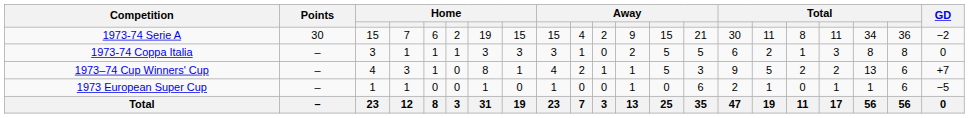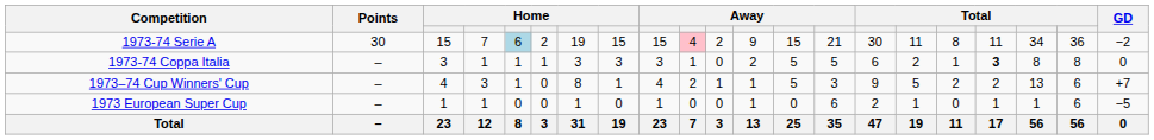 <table class="wikitable" style="font-size:90%;width:100%;margin:auto;clear:both;text-align:center;">
 <tr>
 <th rowspan="2">Competition</th>
 <th rowspan="2">Points</th>
 <th colspan="6">Home</th>
 <th colspan="6">Away</th>
 <th colspan="6">Total</th>
 <th rowspan="2"><a href='#'>GD</a></th>
 </tr>
 <tr>
 <th></th>
 <th></th>
 <th></th>
 <th></th>
 <th></th>
 <th></th>
 <th></th>
 <th></th>
 <th></th>
 <th></th>
 <th></th>
 <th></th>
 <th></th>
 <th></th>
 <th></th>
 <th></th>
 <th></th>
 <th></th>
 </tr>
 <tr>
 <td><a href='#'>1973-74 Serie A</a></td>
 <td>30</td>
 <td>15</td>
 <td>7</td>
-<td>6</td>
+<td style="background: lightblue;">6</td>
 <td>2</td>
 <td>19</td>
 <td>15</td>
 <td>15</td>
-<td>4</td>
+<td style="background: pink;">4</td>
 <td>2</td>
 <td>9</td>
 <td>15</td>
 <td>21</td>
 <td>30</td>
 <td>11</td>
 <td>8</td>
 <td>11</td>
 <td>34</td>
 <td>36</td>
 <td>−2</td>
 </tr>
 <tr>
 <td><a href='#'>1973-74 Coppa Italia</a></td>
 <td>–</td>
 <td>3</td>
 <td>1</td>
 <td>1</td>
 <td>1</td>
 <td>3</td>
 <td>3</td>
 <td>3</td>
 <td>1</td>
 <td>0</td>
 <td>2</td>
 <td>5</td>
 <td>5</td>
 <td>6</td>
 <td>2</td>
 <td>1</td>
-<td>3</td>
+<td><strong>3</strong></td>
 <td>8</td>
 <td>8</td>
 <td>0</td>
 </tr>
 <tr>
 <td><a href='#'>1973–74 Cup Winners' Cup</a></td>
 <td>–</td>
 <td>4</td>
 <td>3</td>
 <td>1</td>
 <td>0</td>
 <td>8</td>
 <td>1</td>
 <td>4</td>
 <td>2</td>
 <td>1</td>
 <td>1</td>
 <td>5</td>
 <td>3</td>
 <td>9</td>
 <td>5</td>
 <td>2</td>
 <td>2</td>
 <td>13</td>
 <td>6</td>
 <td>+7</td>
 </tr>
 <tr>
 <td><a href='#'>1973 European Super Cup</a></td>
 <td>–</td>
 <td>1</td>
 <td>1</td>
 <td>0</td>
 <td>0</td>
 <td>1</td>
 <td>0</td>
 <td>1</td>
 <td>0</td>
 <td>0</td>
 <td>1</td>
 <td>0</td>
 <td>6</td>
 <td>2</td>
 <td>1</td>
 <td>0</td>
 <td>1</td>
 <td>1</td>
 <td>6</td>
 <td>−5</td>
 </tr>
 <tr>
 <th>Total</th>
 <th>–</th>
 <th>23</th>
 <th>12</th>
 <th>8</th>
 <th>3</th>
 <th>31</th>
 <th>19</th>
 <th>23</th>
 <th>7</th>
 <th>3</th>
 <th>13</th>
 <th>25</th>
 <th>35</th>
 <th>47</th>
 <th>19</th>
 <th>11</th>
 <th>17</th>
 <th>56</th>
 <th>56</th>
 <th>0</th>
 </tr>
 </table>
